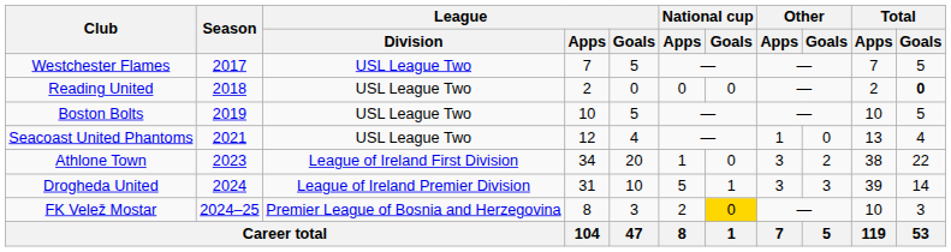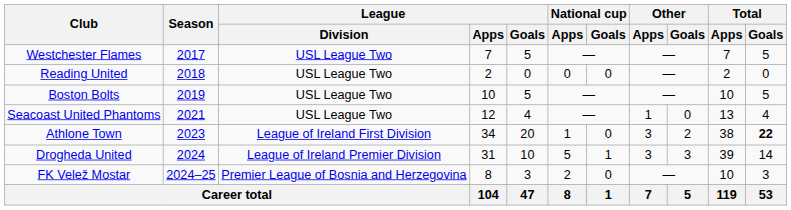 <table class="wikitable" style="text-align:center">
 <tr>
 <th rowspan="2">Club</th>
 <th rowspan="2">Season</th>
 <th colspan="3">League</th>
 <th colspan="2">National cup</th>
 <th colspan="2">Other</th>
 <th colspan="2">Total</th>
 </tr>
 <tr>
 <th>Division</th>
 <th>Apps</th>
 <th>Goals</th>
 <th>Apps</th>
 <th>Goals</th>
 <th>Apps</th>
 <th>Goals</th>
 <th>Apps</th>
 <th>Goals</th>
 </tr>
 <tr>
 <td><a href='#'>Westchester Flames</a></td>
 <td><a href='#'>2017</a></td>
 <td><a href='#'>USL League Two</a></td>
 <td>7</td>
 <td>5</td>
 <td colspan="2">—</td>
 <td colspan="2">—</td>
 <td>7</td>
 <td>5</td>
 </tr>
 <tr>
 <td><a href='#'>Reading United</a></td>
 <td><a href='#'>2018</a></td>
 <td>USL League Two</td>
 <td>2</td>
 <td>0</td>
 <td>0</td>
 <td>0</td>
 <td colspan="2">—</td>
 <td>2</td>
-<td><strong>0</strong></td>
+<td>0</td>
 </tr>
 <tr>
 <td><a href='#'>Boston Bolts</a></td>
 <td><a href='#'>2019</a></td>
 <td>USL League Two</td>
 <td>10</td>
 <td>5</td>
 <td colspan="2">—</td>
 <td colspan="2">—</td>
 <td>10</td>
 <td>5</td>
 </tr>
 <tr>
 <td><a href='#'>Seacoast United Phantoms</a></td>
 <td><a href='#'>2021</a></td>
 <td>USL League Two</td>
 <td>12</td>
 <td>4</td>
 <td colspan="2">—</td>
 <td>1</td>
 <td>0</td>
 <td>13</td>
 <td>4</td>
 </tr>
 <tr>
 <td><a href='#'>Athlone Town</a></td>
 <td><a href='#'>2023</a></td>
 <td><a href='#'>League of Ireland First Division</a></td>
 <td>34</td>
 <td>20</td>
 <td>1</td>
 <td>0</td>
 <td>3</td>
 <td>2</td>
 <td>38</td>
-<td>22</td>
+<td><strong>22</strong></td>
 </tr>
 <tr>
 <td><a href='#'>Drogheda United</a></td>
 <td><a href='#'>2024</a></td>
 <td><a href='#'>League of Ireland Premier Division</a></td>
 <td>31</td>
 <td>10</td>
 <td>5</td>
 <td>1</td>
 <td>3</td>
 <td>3</td>
 <td>39</td>
 <td>14</td>
 </tr>
 <tr>
 <td><a href='#'>FK Velež Mostar</a></td>
 <td><a href='#'>2024–25</a></td>
 <td><a href='#'>Premier League of Bosnia and Herzegovina</a></td>
 <td>8</td>
 <td>3</td>
 <td>2</td>
-<td style="background: gold;">0</td>
+<td>0</td>
 <td colspan="2">—</td>
 <td>10</td>
 <td>3</td>
 </tr>
 <tr>
 <th colspan="3">Career total</th>
 <th>104</th>
 <th>47</th>
 <th>8</th>
 <th>1</th>
 <th>7</th>
 <th>5</th>
 <th>119</th>
 <th>53</th>
 </tr>
 </table>
